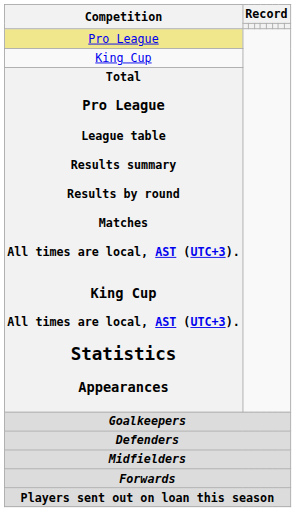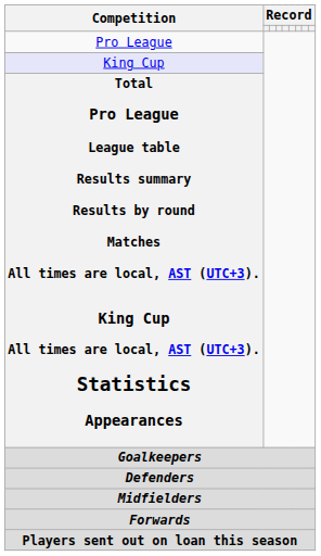 <table class="wikitable" style="text-align: center">
 <tr>
 <th rowspan=2>Competition</th>
 <th colspan=8>Record</th>
 </tr>
 <tr>
 <th></th>
 <th></th>
 <th></th>
 <th></th>
 <th></th>
 <th></th>
 <th></th>
 <th></th>
 </tr>
 <tr>
-<td style="background: khaki;"><a href='#'>Pro League</a><br></td>
+<td><a href='#'>Pro League</a><br></td>
 </tr>
 <tr>
-<td><a href='#'>King Cup</a><br></td>
+<td style="background: lavender;"><a href='#'>King Cup</a><br></td>
 </tr>
 <tr>
 <th>Total<br> <h3>Pro League</h3><h4>League table</h4><h4>Results summary</h4> <h4>Results by round</h4><h4>Matches</h4>All times are local, <a href='#'>AST</a> (<a href='#'>UTC+3</a>).<br>   <br>                                 <h3>King Cup</h3> All times are local, <a href='#'>AST</a> (<a href='#'>UTC+3</a>).<br><h2>Statistics</h2><h3>Appearances</h3></th>
 </tr>
 <tr>
 <th colspan=10 style=background:#dcdcdc; text-align:center><em>Goalkeepers</em><br>  </th>
 </tr>
 <tr>
 <th colspan=10 style=background:#dcdcdc; text-align:center><em>Defenders</em><br>         </th>
 </tr>
 <tr>
 <th colspan=10 style=background:#dcdcdc; text-align:center><em>Midfielders</em><br>             </th>
 </tr>
 <tr>
 <th colspan=10 style=background:#dcdcdc; text-align:center><em>Forwards</em><br>    </th>
 </tr>
 <tr>
 <th colspan=14 style=background:#dcdcdc; text-align:center>Players sent out on loan this season<br></th>
 </tr>
 </table>
